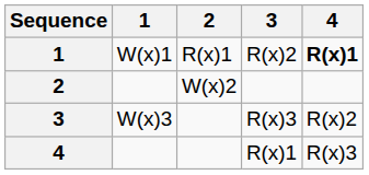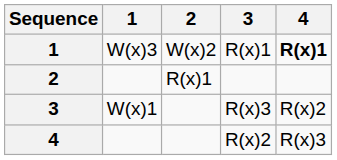 <table class="wikitable">
 <tr>
 <th>Sequence</th>
 <th>1</th>
 <th>2</th>
 <th>3</th>
 <th>4</th>
 </tr>
 <tr>
 <th>1</th>
-<td>W(x)1</td>
+<td>W(x)3</td>
+<td>W(x)2</td>
 <td>R(x)1</td>
-<td>R(x)2</td>
 <td><strong>R(x)1</strong></td>
 </tr>
 <tr>
 <th>2</th>
 <td></td>
-<td>W(x)2</td>
+<td>R(x)1</td>
 <td></td>
 <td></td>
 </tr>
 <tr>
 <th>3</th>
-<td>W(x)3</td>
+<td>W(x)1</td>
 <td></td>
 <td>R(x)3</td>
 <td>R(x)2</td>
 </tr>
 <tr>
 <th>4</th>
 <td></td>
 <td></td>
-<td>R(x)1</td>
+<td>R(x)2</td>
 <td>R(x)3</td>
 </tr>
 </table>
